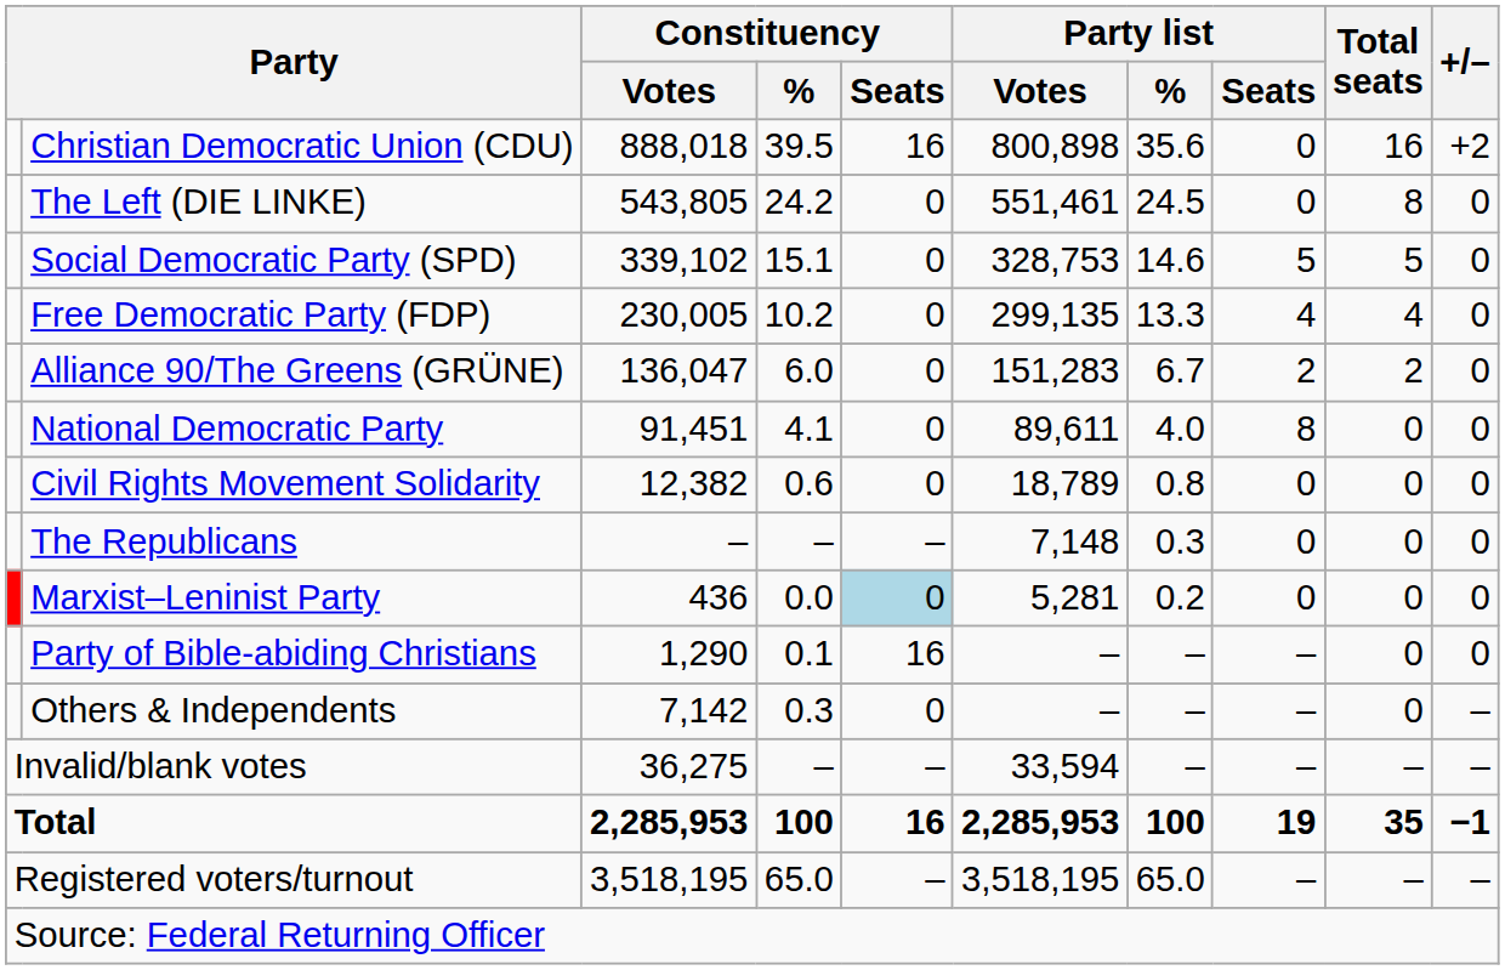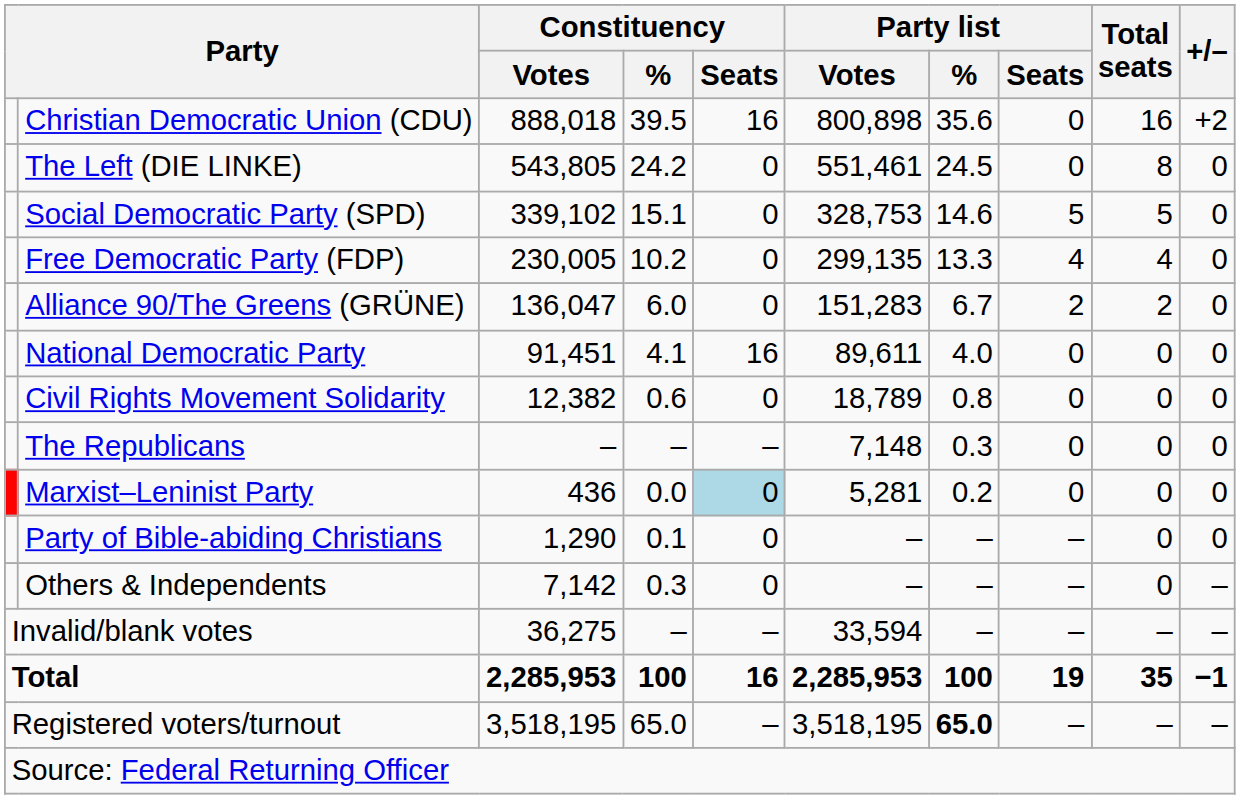 <table class="wikitable" style="text-align:right">
 <tr>
 <th colspan="2" rowspan="2">Party</th>
 <th colspan="3">Constituency</th>
 <th colspan="3">Party list</th>
 <th rowspan="2">Total<br>seats</th>
 <th rowspan="2">+/–</th>
 </tr>
 <tr>
 <th>Votes</th>
 <th>%</th>
 <th>Seats</th>
 <th>Votes</th>
 <th>%</th>
 <th>Seats</th>
 </tr>
 <tr>
 <td></td>
 <td align="left"><a href='#'>Christian Democratic Union</a> (CDU)</td>
 <td>888,018</td>
 <td>39.5</td>
 <td>16</td>
 <td>800,898</td>
 <td>35.6</td>
 <td>0</td>
 <td>16</td>
 <td>+2</td>
 </tr>
 <tr>
 <td></td>
 <td align="left"><a href='#'>The Left</a> (DIE LINKE)</td>
 <td>543,805</td>
 <td>24.2</td>
 <td>0</td>
 <td>551,461</td>
 <td>24.5</td>
 <td>0</td>
 <td>8</td>
 <td>0</td>
 </tr>
 <tr>
 <td></td>
 <td align="left"><a href='#'>Social Democratic Party</a> (SPD)</td>
 <td>339,102</td>
 <td>15.1</td>
 <td>0</td>
 <td>328,753</td>
 <td>14.6</td>
 <td>5</td>
 <td>5</td>
 <td>0</td>
 </tr>
 <tr>
 <td></td>
 <td align="left"><a href='#'>Free Democratic Party</a> (FDP)</td>
 <td>230,005</td>
 <td>10.2</td>
 <td>0</td>
 <td>299,135</td>
 <td>13.3</td>
 <td>4</td>
 <td>4</td>
 <td>0</td>
 </tr>
 <tr>
 <td></td>
 <td align="left"><a href='#'>Alliance 90/The Greens</a> (GRÜNE)</td>
 <td>136,047</td>
 <td>6.0</td>
 <td>0</td>
 <td>151,283</td>
 <td>6.7</td>
 <td>2</td>
 <td>2</td>
 <td>0</td>
 </tr>
 <tr>
 <td style="background-color:"></td>
 <td align="left"><a href='#'>National Democratic Party</a></td>
 <td>91,451</td>
 <td>4.1</td>
-<td>0</td>
+<td>16</td>
 <td>89,611</td>
 <td>4.0</td>
-<td>8</td>
+<td>0</td>
 <td>0</td>
 <td>0</td>
 </tr>
 <tr>
 <td></td>
 <td align="left"><a href='#'>Civil Rights Movement Solidarity</a></td>
 <td>12,382</td>
 <td>0.6</td>
 <td>0</td>
 <td>18,789</td>
 <td>0.8</td>
 <td>0</td>
 <td>0</td>
 <td>0</td>
 </tr>
 <tr>
 <td style="background-color:"></td>
 <td align="left"><a href='#'>The Republicans</a></td>
 <td>–</td>
 <td>–</td>
 <td>–</td>
 <td>7,148</td>
 <td>0.3</td>
 <td>0</td>
 <td>0</td>
 <td>0</td>
 </tr>
 <tr>
 <td style="background-color:red"></td>
 <td align="left"><a href='#'>Marxist–Leninist Party</a></td>
 <td>436</td>
 <td>0.0</td>
 <td style="background: lightblue;">0</td>
 <td>5,281</td>
 <td>0.2</td>
 <td>0</td>
 <td>0</td>
 <td>0</td>
 </tr>
 <tr>
 <td></td>
 <td align="left"><a href='#'>Party of Bible-abiding Christians</a></td>
 <td>1,290</td>
 <td>0.1</td>
-<td>16</td>
+<td>0</td>
 <td>–</td>
 <td>–</td>
 <td>–</td>
 <td>0</td>
 <td>0</td>
 </tr>
 <tr>
 <td></td>
 <td align="left">Others & Independents</td>
 <td>7,142</td>
 <td>0.3</td>
 <td>0</td>
 <td>–</td>
 <td>–</td>
 <td>–</td>
 <td>0</td>
 <td>–</td>
 </tr>
 <tr>
 <td colspan="2" align="left">Invalid/blank votes</td>
 <td>36,275</td>
 <td>–</td>
 <td>–</td>
 <td>33,594</td>
 <td>–</td>
 <td>–</td>
 <td>–</td>
 <td>–</td>
 </tr>
 <tr>
 <td colspan="2" align="left"><strong>Total</strong></td>
 <td><strong>2,285,953</strong></td>
 <td><strong>100</strong></td>
 <td><strong>16</strong></td>
 <td><strong>2,285,953</strong></td>
 <td><strong>100</strong></td>
 <td><strong>19</strong></td>
 <td><strong>35</strong></td>
 <td><strong>−1</strong></td>
 </tr>
 <tr>
 <td colspan="2" align="left">Registered voters/turnout</td>
 <td>3,518,195</td>
 <td>65.0</td>
 <td>–</td>
 <td>3,518,195</td>
-<td>65.0</td>
+<td><strong>65.0</strong></td>
 <td>–</td>
 <td>–</td>
 <td>–</td>
 </tr>
 <tr>
 <td colspan="10" align="left">Source: <a href='#'>Federal Returning Officer</a></td>
 </tr>
 </table>
